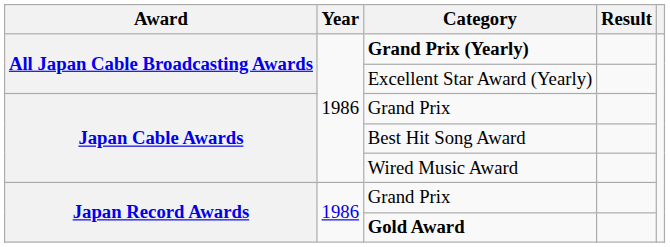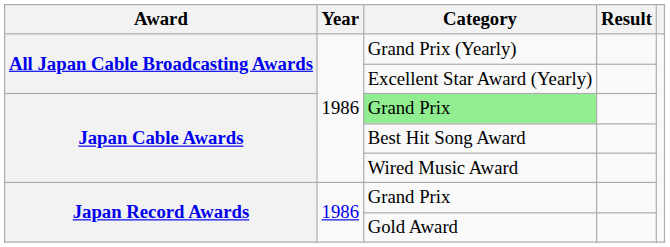 <table class="wikitable plainrowheaders sortable">
 <tr>
 <th>Award</th>
 <th class="unsortable">Year</th>
 <th>Category</th>
 <th>Result</th>
 <th class="unsortable"></th>
 </tr>
 <tr>
 <th scope="row" rowspan="2"><a href='#'>All Japan Cable Broadcasting Awards</a></th>
 <td rowspan="5">1986</td>
-<td><strong>Grand Prix (Yearly)</strong></td>
+<td>Grand Prix (Yearly)</td>
 <td></td>
 <td rowspan="7" align="center"></td>
 </tr>
 <tr>
 <td>Excellent Star Award (Yearly)</td>
 <td></td>
 </tr>
 <tr>
 <th scope="row" rowspan="3"><a href='#'>Japan Cable Awards</a></th>
-<td>Grand Prix</td>
+<td style="background: lightgreen;">Grand Prix</td>
 <td></td>
 </tr>
 <tr>
 <td>Best Hit Song Award</td>
 <td></td>
 </tr>
 <tr>
 <td>Wired Music Award</td>
 <td></td>
 </tr>
 <tr>
 <th scope="row" rowspan="2"><a href='#'>Japan Record Awards</a></th>
 <td rowspan="2"><a href='#'>1986</a></td>
 <td>Grand Prix</td>
 <td></td>
 </tr>
 <tr>
-<td><strong>Gold Award</strong></td>
+<td>Gold Award</td>
 <td></td>
 </tr>
 </table>
